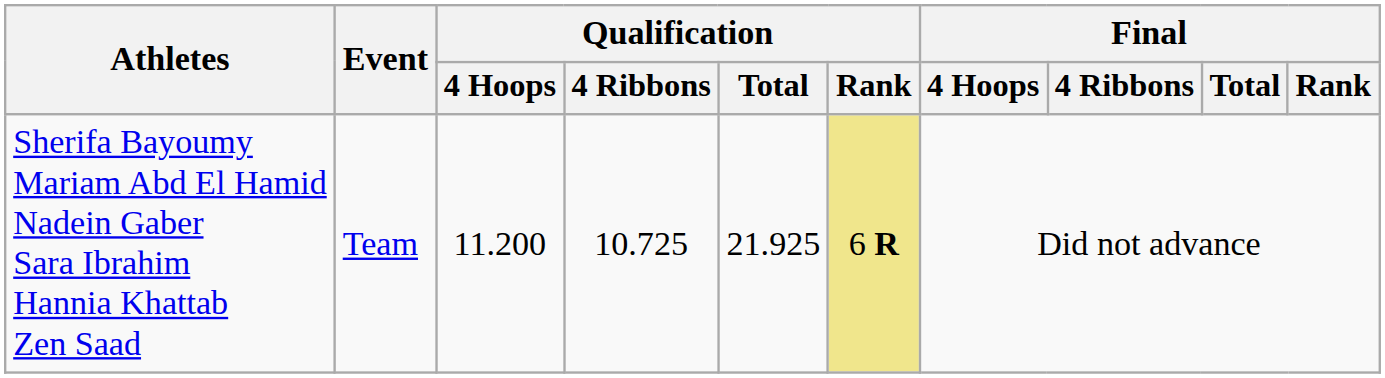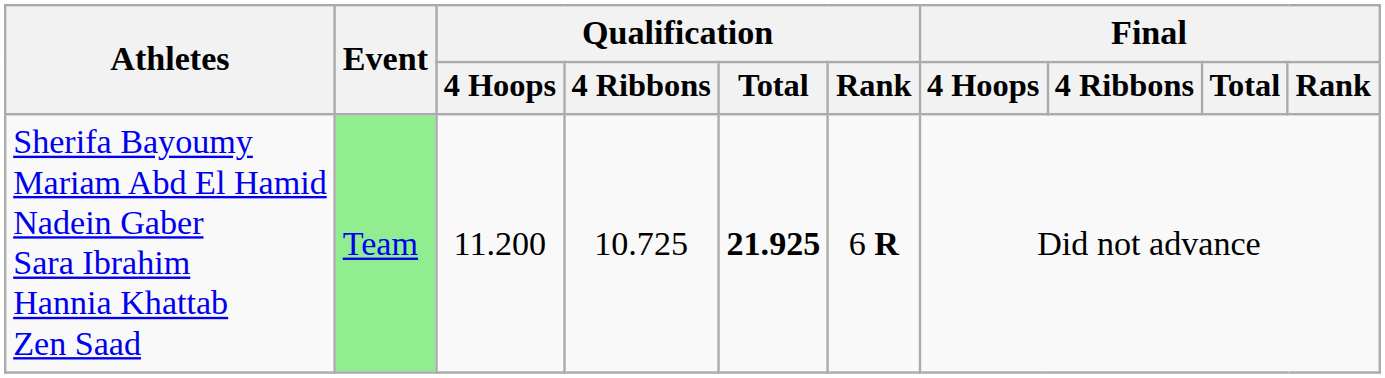 <table class="wikitable" style="font-size:90%">
 <tr>
 <th rowspan="2">Athletes</th>
 <th rowspan="2">Event</th>
 <th colspan="4">Qualification</th>
 <th colspan="4">Final</th>
 </tr>
 <tr style="font-size:95%">
 <th>4 Hoops</th>
 <th>4 Ribbons</th>
 <th>Total</th>
 <th>Rank</th>
 <th>4 Hoops</th>
 <th>4 Ribbons</th>
 <th>Total</th>
 <th>Rank</th>
 </tr>
 <tr align=center>
 <td align=left><a href='#'>Sherifa Bayoumy</a><br><a href='#'>Mariam Abd El Hamid</a><br><a href='#'>Nadein Gaber</a><br><a href='#'>Sara Ibrahim</a><br><a href='#'>Hannia Khattab</a><br><a href='#'>Zen Saad</a></td>
-<td align=left><a href='#'>Team</a></td>
+<td align=left style="background: lightgreen;"><a href='#'>Team</a></td>
 <td>11.200</td>
 <td>10.725</td>
-<td>21.925</td>
-<td style="background: khaki;">6 <strong>R</strong></td>
+<td><strong>21.925</strong></td>
+<td>6 <strong>R</strong></td>
 <td colspan=4>Did not advance</td>
 </tr>
 </table>
